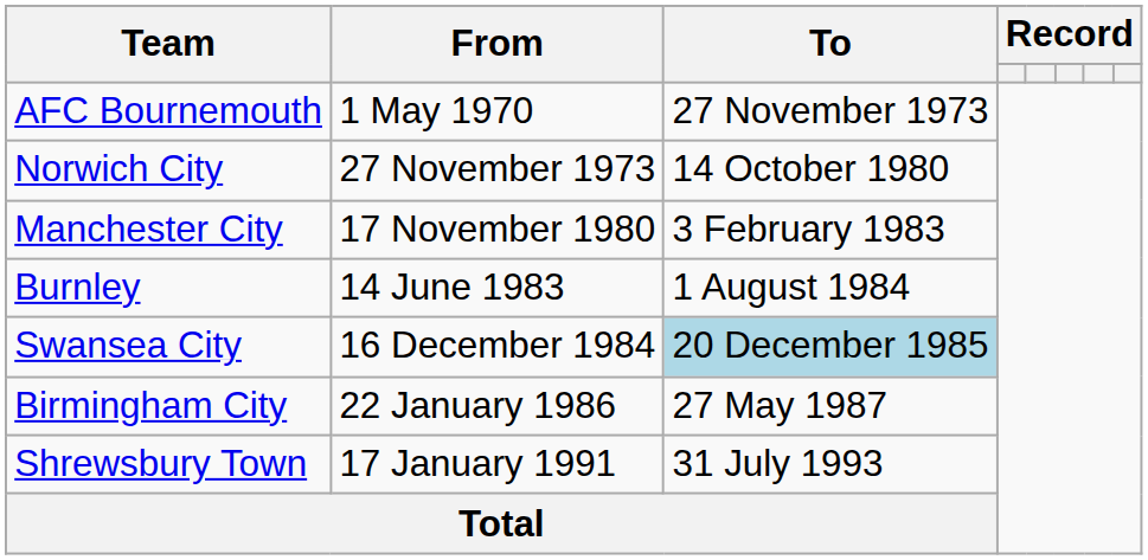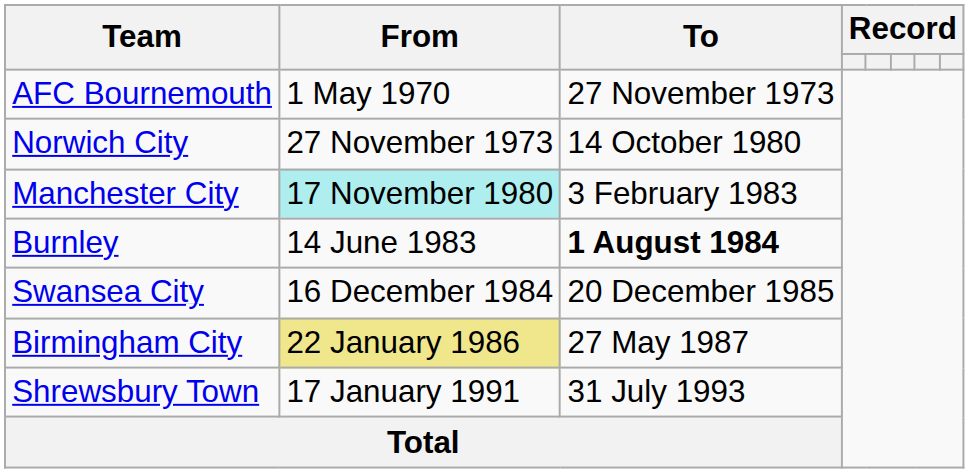 <table class=wikitable style="text-align: left">
 <tr>
 <th rowspan=2>Team</th>
 <th rowspan=2>From</th>
 <th rowspan=2>To</th>
 <th colspan=5>Record</th>
 </tr>
 <tr>
 <th></th>
 <th></th>
 <th></th>
 <th></th>
 <th></th>
 </tr>
 <tr>
 <td><a href='#'>AFC Bournemouth</a></td>
 <td>1 May 1970</td>
 <td>27 November 1973<br></td>
 </tr>
 <tr>
 <td><a href='#'>Norwich City</a></td>
 <td>27 November 1973</td>
 <td>14 October 1980<br></td>
 </tr>
 <tr>
 <td><a href='#'>Manchester City</a></td>
-<td>17 November 1980</td>
+<td style="background: paleturquoise;">17 November 1980</td>
 <td>3 February 1983<br></td>
 </tr>
 <tr>
 <td><a href='#'>Burnley</a></td>
 <td>14 June 1983</td>
-<td>1 August 1984<br></td>
+<td><strong>1 August 1984<br></strong></td>
 </tr>
 <tr>
 <td><a href='#'>Swansea City</a></td>
 <td>16 December 1984</td>
-<td style="background: lightblue;">20 December 1985<br></td>
+<td>20 December 1985<br></td>
 </tr>
 <tr>
 <td><a href='#'>Birmingham City</a></td>
-<td>22 January 1986</td>
+<td style="background: khaki;">22 January 1986</td>
 <td>27 May 1987<br></td>
 </tr>
 <tr>
 <td><a href='#'>Shrewsbury Town</a></td>
 <td>17 January 1991</td>
 <td>31 July 1993<br></td>
 </tr>
 <tr>
 <th colspan=3>Total<br></th>
 </tr>
 </table>
